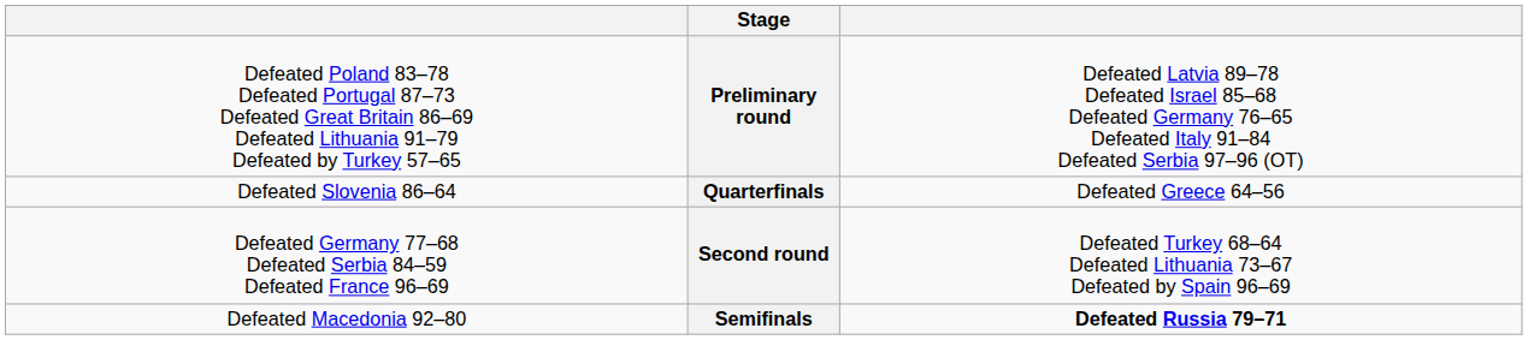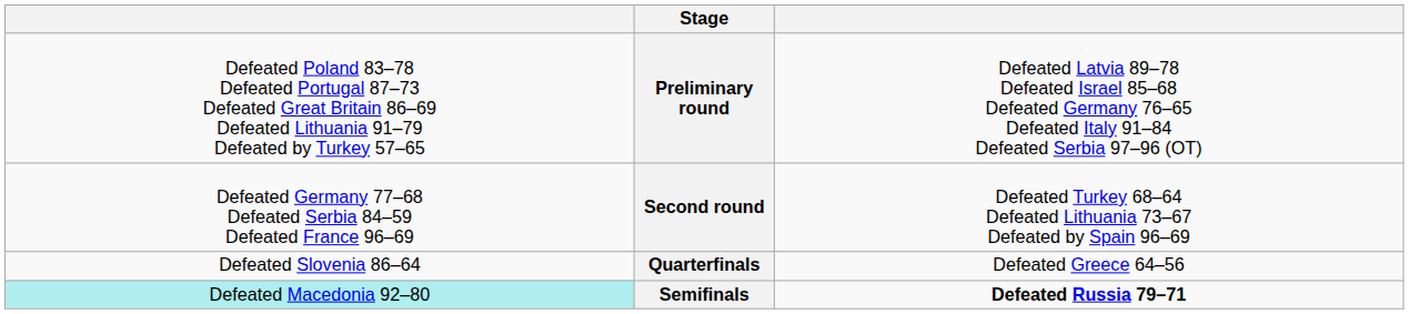 <table class=wikitable style="text-align:center;">
 <tr>
 <th width=45%></th>
 <th width=10%>Stage</th>
 <th width=45%></th>
 </tr>
 <tr>
 <td><br> Defeated <a href='#'>Poland</a> 83–78<br> Defeated <a href='#'>Portugal</a> 87–73<br> Defeated <a href='#'>Great Britain</a> 86–69<br> Defeated <a href='#'>Lithuania</a> 91–79<br> Defeated by <a href='#'>Turkey</a> 57–65</td>
 <th>Preliminary round</th>
 <td><br> Defeated <a href='#'>Latvia</a> 89–78<br> Defeated <a href='#'>Israel</a> 85–68<br> Defeated <a href='#'>Germany</a> 76–65<br> Defeated <a href='#'>Italy</a> 91–84<br> Defeated <a href='#'>Serbia</a> 97–96 (OT)</td>
 </tr>
 <tr>
+<td><br> Defeated <a href='#'>Germany</a> 77–68<br> Defeated <a href='#'>Serbia</a> 84–59<br> Defeated <a href='#'>France</a> 96–69</td>
+<th>Second round</th>
+<td><br> Defeated <a href='#'>Turkey</a> 68–64<br> Defeated <a href='#'>Lithuania</a> 73–67<br> Defeated by <a href='#'>Spain</a> 96–69</td>
+</tr>
+<tr>
 <td>Defeated <a href='#'>Slovenia</a> 86–64</td>
 <th>Quarterfinals</th>
 <td>Defeated <a href='#'>Greece</a> 64–56</td>
 </tr>
 <tr>
-<td><br> Defeated <a href='#'>Germany</a> 77–68<br> Defeated <a href='#'>Serbia</a> 84–59<br> Defeated <a href='#'>France</a> 96–69</td>
-<th>Second round</th>
-<td><br> Defeated <a href='#'>Turkey</a> 68–64<br> Defeated <a href='#'>Lithuania</a> 73–67<br> Defeated by <a href='#'>Spain</a> 96–69</td>
-</tr>
-<tr>
-<td>Defeated <a href='#'>Macedonia</a> 92–80</td>
+<td style="background: paleturquoise;">Defeated <a href='#'>Macedonia</a> 92–80</td>
 <th>Semifinals</th>
 <td><strong>Defeated <a href='#'>Russia</a> 79–71</strong></td>
 </tr>
 </table>
